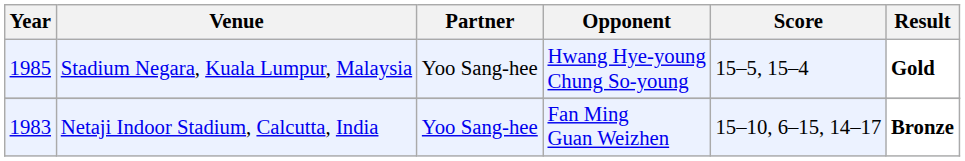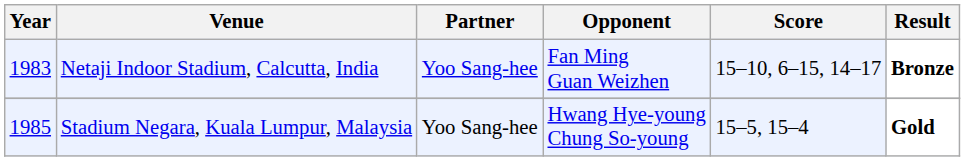 <table class="sortable wikitable" style="font-size: 90%;">
 <tr>
 <th>Year</th>
 <th>Venue</th>
 <th>Partner</th>
 <th>Opponent</th>
 <th>Score</th>
 <th>Result</th>
 </tr>
 <tr style="background:#ECF2FF">
+<td align="center"><a href='#'>1983</a></td>
+<td align="left"><a href='#'>Netaji Indoor Stadium</a>, <a href='#'>Calcutta</a>, <a href='#'>India</a></td>
+<td align="left"> <a href='#'>Yoo Sang-hee</a></td>
+<td align="left"> <a href='#'>Fan Ming</a><br> <a href='#'>Guan Weizhen</a></td>
+<td align="left">15–10, 6–15, 14–17</td>
+<td style="text-align:left; background: white"> <strong>Bronze</strong></td>
+</tr>
+<tr>
+</tr>
+<tr style="background:#ECF2FF">
 <td align="center"><a href='#'>1985</a></td>
 <td align="left"><a href='#'>Stadium Negara</a>, <a href='#'>Kuala Lumpur</a>, <a href='#'>Malaysia</a></td>
 <td align="left"> Yoo Sang-hee</td>
 <td align="left"> <a href='#'>Hwang Hye-young</a><br> <a href='#'>Chung So-young</a></td>
 <td align="left">15–5, 15–4</td>
 <td style="text-align:left; background: white"> <strong>Gold</strong></td>
 </tr>
-<tr>
-</tr>
-<tr style="background:#ECF2FF">
-<td align="center"><a href='#'>1983</a></td>
-<td align="left"><a href='#'>Netaji Indoor Stadium</a>, <a href='#'>Calcutta</a>, <a href='#'>India</a></td>
-<td align="left"> <a href='#'>Yoo Sang-hee</a></td>
-<td align="left"> <a href='#'>Fan Ming</a><br> <a href='#'>Guan Weizhen</a></td>
-<td align="left">15–10, 6–15, 14–17</td>
-<td style="text-align:left; background: white"> <strong>Bronze</strong></td>
-</tr>
 </table>
